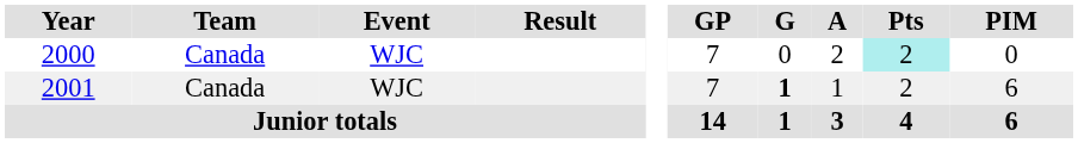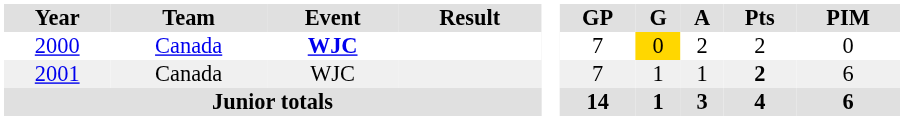 <table border="0" cellpadding="1" cellspacing="0" style="text-align:center; width:40em">
 <tr ALIGN="center" bgcolor="#e0e0e0">
 <th>Year</th>
 <th>Team</th>
 <th>Event</th>
 <th>Result</th>
 <th rowspan="99" bgcolor="#ffffff"> </th>
 <th>GP</th>
 <th>G</th>
 <th>A</th>
 <th>Pts</th>
 <th>PIM</th>
 </tr>
 <tr>
 <td><a href='#'>2000</a></td>
 <td><a href='#'>Canada</a></td>
-<td><a href='#'>WJC</a></td>
+<td><strong><a href='#'>WJC</a></strong></td>
 <td></td>
 <td>7</td>
-<td>0</td>
+<td style="background: gold;">0</td>
 <td>2</td>
-<td style="background: paleturquoise;">2</td>
+<td>2</td>
 <td>0</td>
 </tr>
 <tr bgcolor="#f0f0f0">
 <td><a href='#'>2001</a></td>
 <td>Canada</td>
 <td>WJC</td>
 <td></td>
 <td>7</td>
-<td><strong>1</strong></td>
 <td>1</td>
-<td>2</td>
+<td>1</td>
+<td><strong>2</strong></td>
 <td>6</td>
 </tr>
 <tr bgcolor="#e0e0e0">
 <th colspan=4>Junior totals</th>
 <th>14</th>
 <th>1</th>
 <th>3</th>
 <th>4</th>
 <th>6</th>
 </tr>
 </table>
